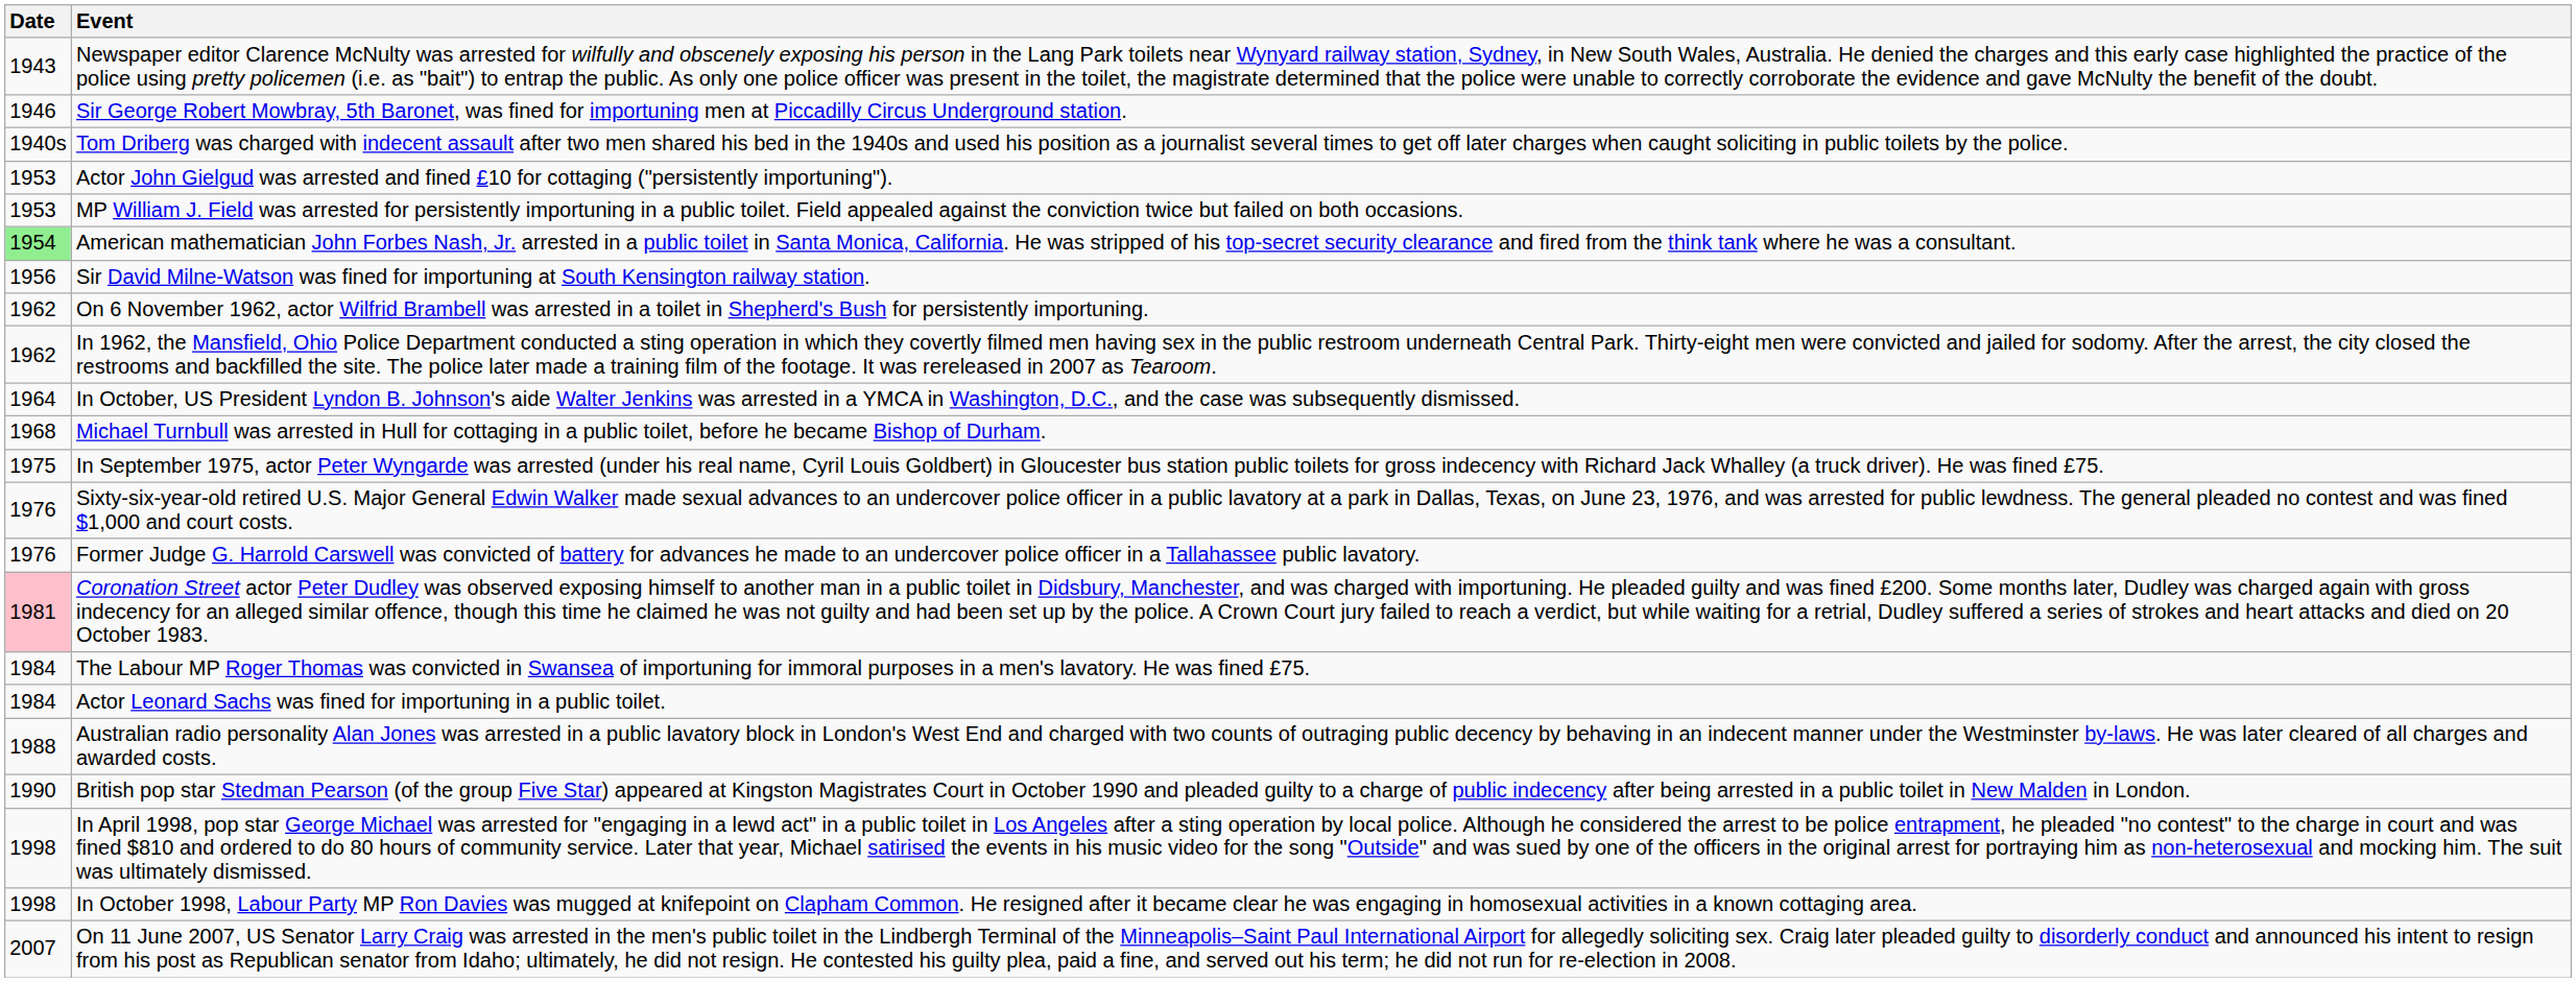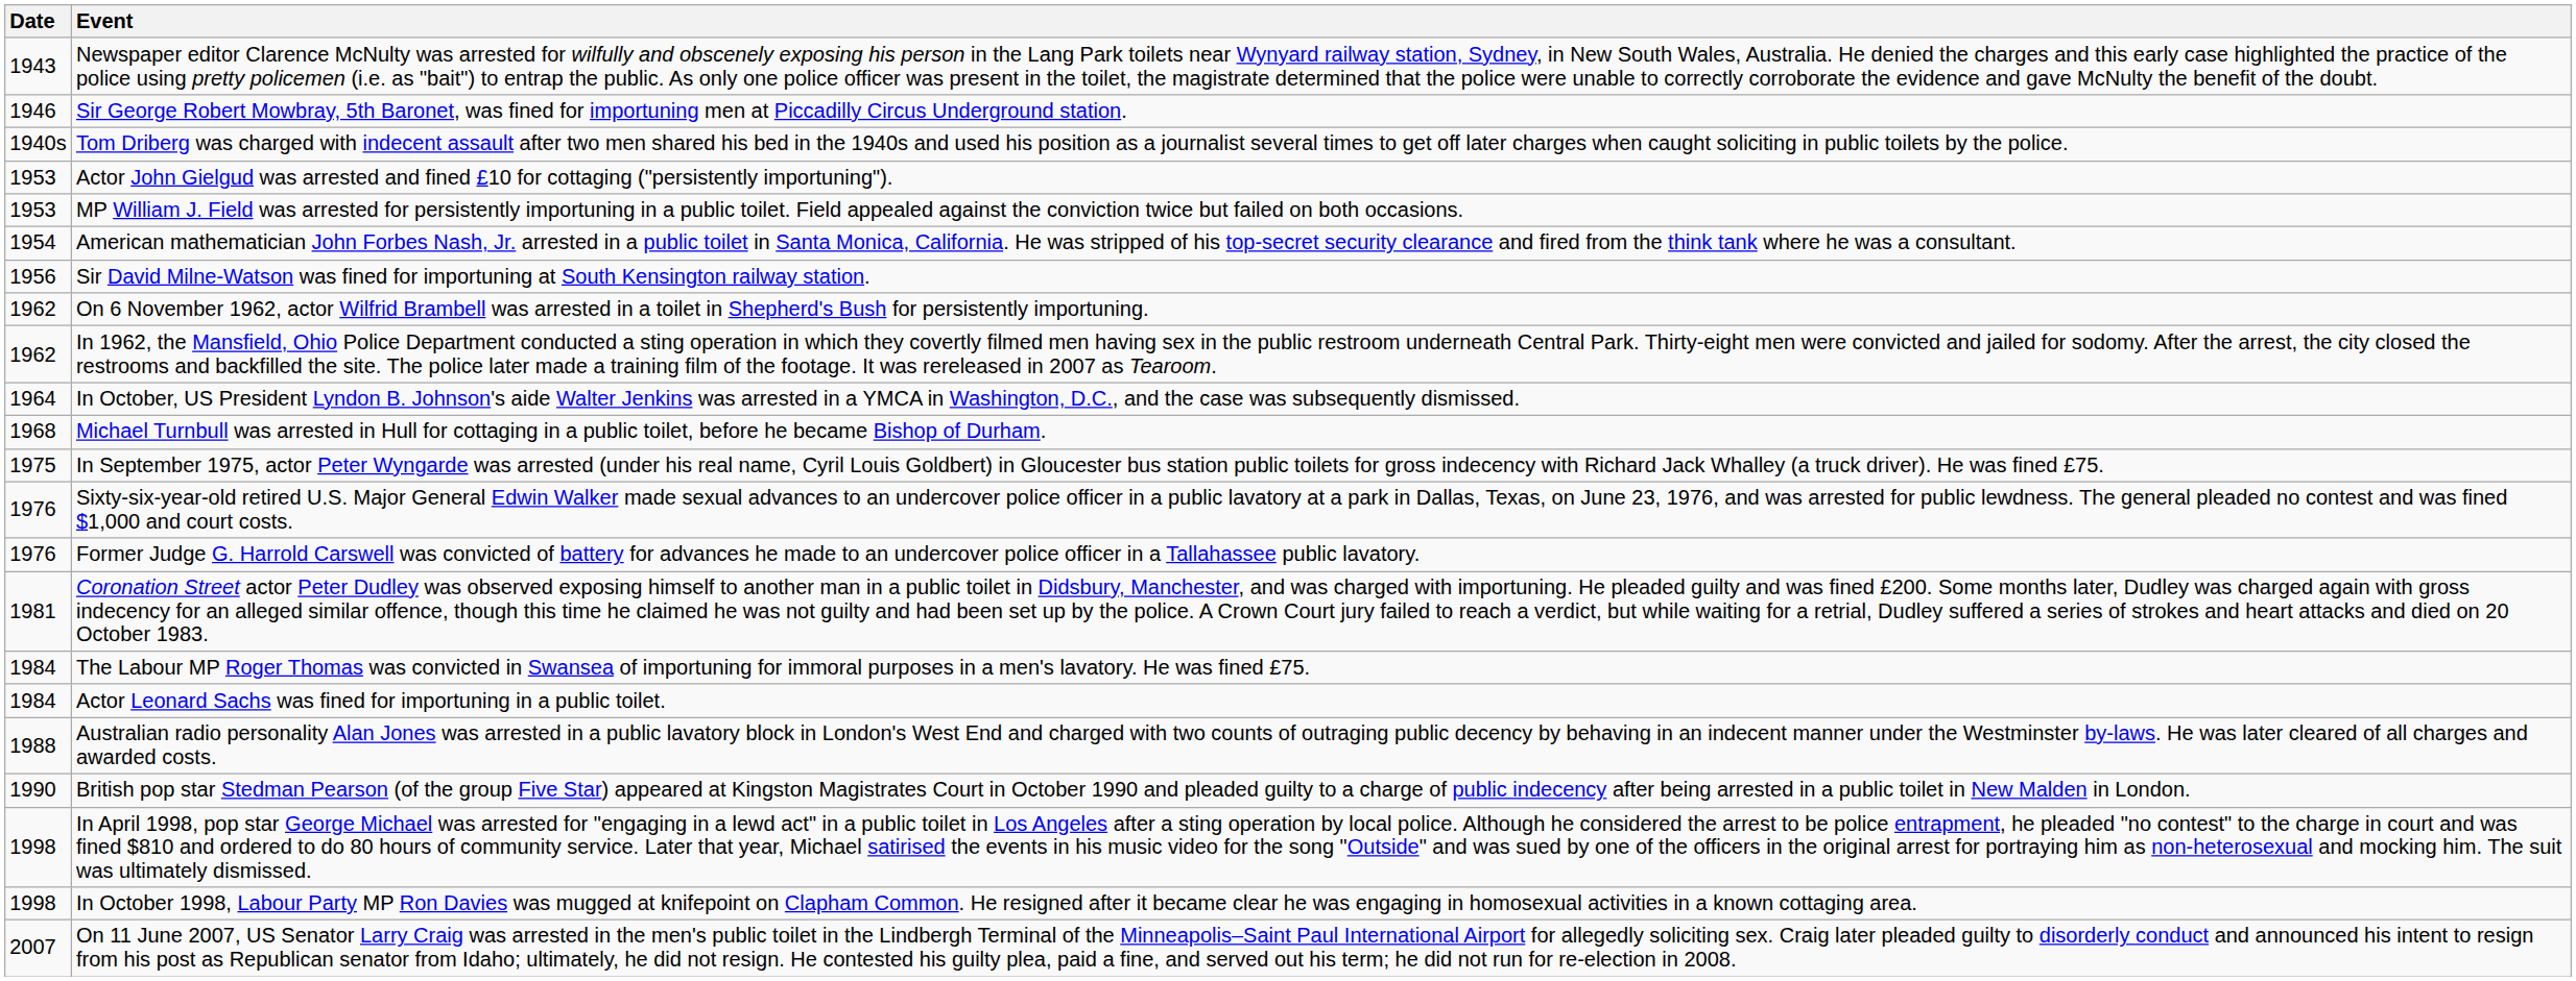 <table class="wikitable">
 <tr>
 <th style="text-align:left">Date</th>
 <th style="text-align:left">Event</th>
 </tr>
 <tr>
 <td>1943</td>
 <td>Newspaper editor Clarence McNulty was arrested for <em>wilfully and obscenely exposing his person</em> in the Lang Park toilets near <a href='#'>Wynyard railway station, Sydney</a>, in New South Wales, Australia. He denied the charges and this early case highlighted the practice of the police using <em>pretty policemen</em> (i.e. as "bait") to entrap the public. As only one police officer was present in the toilet, the magistrate determined that the police were unable to correctly corroborate the evidence and gave McNulty the benefit of the doubt.</td>
 </tr>
 <tr>
 <td>1946</td>
 <td><a href='#'>Sir George Robert Mowbray, 5th Baronet</a>, was fined for <a href='#'>importuning</a> men at <a href='#'>Piccadilly Circus Underground station</a>.</td>
 </tr>
 <tr>
 <td>1940s</td>
 <td><a href='#'>Tom Driberg</a> was charged with <a href='#'>indecent assault</a> after two men shared his bed in the 1940s and used his position as a journalist several times to get off later charges when caught soliciting in public toilets by the police.</td>
 </tr>
 <tr>
 <td>1953</td>
 <td>Actor <a href='#'>John Gielgud</a> was arrested and fined <a href='#'>£</a>10 for cottaging ("persistently importuning").</td>
 </tr>
 <tr>
 <td>1953</td>
 <td>MP <a href='#'>William J. Field</a> was arrested for persistently importuning in a public toilet. Field appealed against the conviction twice but failed on both occasions.</td>
 </tr>
 <tr>
-<td style="background: lightgreen;">1954</td>
+<td>1954</td>
 <td>American mathematician <a href='#'>John Forbes Nash, Jr.</a> arrested in a <a href='#'>public toilet</a> in <a href='#'>Santa Monica, California</a>. He was stripped of his <a href='#'>top-secret security clearance</a> and fired from the <a href='#'>think tank</a> where he was a consultant.</td>
 </tr>
 <tr>
 <td>1956</td>
 <td>Sir <a href='#'>David Milne-Watson</a> was fined for importuning at <a href='#'>South Kensington railway station</a>.</td>
 </tr>
 <tr>
 <td>1962</td>
 <td>On 6 November 1962, actor <a href='#'>Wilfrid Brambell</a> was arrested in a toilet in <a href='#'>Shepherd's Bush</a> for persistently importuning.</td>
 </tr>
 <tr>
 <td>1962</td>
 <td>In 1962, the <a href='#'>Mansfield, Ohio</a> Police Department conducted a sting operation in which they covertly filmed men having sex in the public restroom underneath Central Park. Thirty-eight men were convicted and jailed for sodomy. After the arrest, the city closed the restrooms and backfilled the site. The police later made a training film of the footage. It was rereleased in 2007 as <em>Tearoom</em>.</td>
 </tr>
 <tr>
 <td>1964</td>
 <td>In October, US President <a href='#'>Lyndon B. Johnson</a>'s aide <a href='#'>Walter Jenkins</a> was arrested in a YMCA in <a href='#'>Washington, D.C.</a>, and the case was subsequently dismissed.</td>
 </tr>
 <tr>
 <td>1968</td>
 <td><a href='#'>Michael Turnbull</a> was arrested in Hull for cottaging in a public toilet, before he became <a href='#'>Bishop of Durham</a>.</td>
 </tr>
 <tr>
 <td>1975</td>
 <td>In September 1975, actor <a href='#'>Peter Wyngarde</a> was arrested (under his real name, Cyril Louis Goldbert) in Gloucester bus station public toilets for gross indecency with Richard Jack Whalley (a truck driver). He was fined £75.</td>
 </tr>
 <tr>
 <td>1976</td>
 <td>Sixty-six-year-old retired U.S. Major General <a href='#'>Edwin Walker</a> made sexual advances to an undercover police officer in a public lavatory at a park in Dallas, Texas, on June 23, 1976, and was arrested for public lewdness. The general pleaded no contest and was fined <a href='#'>$</a>1,000 and court costs.</td>
 </tr>
 <tr>
 <td>1976</td>
 <td>Former Judge <a href='#'>G. Harrold Carswell</a> was convicted of <a href='#'>battery</a> for advances he made to an undercover police officer in a <a href='#'>Tallahassee</a> public lavatory.</td>
 </tr>
 <tr>
-<td style="background: pink;">1981</td>
+<td>1981</td>
 <td><em><a href='#'>Coronation Street</a></em> actor <a href='#'>Peter Dudley</a> was observed exposing himself to another man in a public toilet in <a href='#'>Didsbury, Manchester</a>, and was charged with importuning. He pleaded guilty and was fined £200. Some months later, Dudley was charged again with gross indecency for an alleged similar offence, though this time he claimed he was not guilty and had been set up by the police. A Crown Court jury failed to reach a verdict, but while waiting for a retrial, Dudley suffered a series of strokes and heart attacks and died on 20 October 1983.</td>
 </tr>
 <tr>
 <td>1984</td>
 <td>The Labour MP <a href='#'>Roger Thomas</a> was convicted in <a href='#'>Swansea</a> of importuning for immoral purposes in a men's lavatory. He was fined £75.</td>
 </tr>
 <tr>
 <td>1984</td>
 <td>Actor <a href='#'>Leonard Sachs</a> was fined for importuning in a public toilet.</td>
 </tr>
 <tr>
 <td>1988</td>
 <td>Australian radio personality <a href='#'>Alan Jones</a> was arrested in a public lavatory block in London's West End and charged with two counts of outraging public decency by behaving in an indecent manner under the Westminster <a href='#'>by-laws</a>. He was later cleared of all charges and awarded costs.</td>
 </tr>
 <tr>
 <td>1990</td>
 <td>British pop star <a href='#'>Stedman Pearson</a> (of the group <a href='#'>Five Star</a>) appeared at Kingston Magistrates Court in October 1990 and pleaded guilty to a charge of <a href='#'>public indecency</a> after being arrested in a public toilet in <a href='#'>New Malden</a> in London.</td>
 </tr>
 <tr>
 <td>1998</td>
 <td>In April 1998, pop star <a href='#'>George Michael</a> was arrested for "engaging in a lewd act" in a public toilet in <a href='#'>Los Angeles</a> after a sting operation by local police. Although he considered the arrest to be police <a href='#'>entrapment</a>, he pleaded "no contest" to the charge in court and was fined $810 and ordered to do 80 hours of community service. Later that year, Michael <a href='#'>satirised</a> the events in his music video for the song "<a href='#'>Outside</a>" and was sued by one of the officers in the original arrest for portraying him as <a href='#'>non-heterosexual</a> and mocking him. The suit was ultimately dismissed.</td>
 </tr>
 <tr>
 <td>1998</td>
 <td>In October 1998, <a href='#'>Labour Party</a> MP <a href='#'>Ron Davies</a> was mugged at knifepoint on <a href='#'>Clapham Common</a>. He resigned after it became clear he was engaging in homosexual activities in a known cottaging area.</td>
 </tr>
 <tr>
 <td>2007</td>
 <td>On 11 June 2007, US Senator <a href='#'>Larry Craig</a> was arrested in the men's public toilet in the Lindbergh Terminal of the <a href='#'>Minneapolis–Saint Paul International Airport</a> for allegedly soliciting sex. Craig later pleaded guilty to <a href='#'>disorderly conduct</a> and announced his intent to resign from his post as Republican senator from Idaho; ultimately, he did not resign. He contested his guilty plea, paid a fine, and served out his term; he did not run for re-election in 2008.</td>
 </tr>
 </table>
